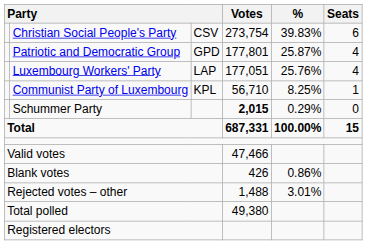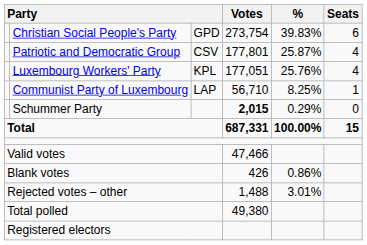 <table class="wikitable" border="1" style="text-align:right;">
 <tr>
 <th style="text-align:left;" valign=bottom colspan=3>Party</th>
 <th align=center valign=bottom width="50">Votes</th>
 <th align=center valign=bottom width="50">%</th>
 <th align=center>Seats</th>
 </tr>
 <tr>
 <td></td>
 <td align=left><a href='#'>Christian Social People's Party</a></td>
-<td align=left>CSV</td>
+<td align=left>GPD</td>
 <td>273,754</td>
 <td>39.83%</td>
 <td>6</td>
 </tr>
 <tr>
 <td></td>
 <td align=left><a href='#'>Patriotic and Democratic Group</a></td>
-<td align=left>GPD</td>
+<td align=left>CSV</td>
 <td>177,801</td>
 <td>25.87%</td>
 <td>4</td>
 </tr>
 <tr>
 <td></td>
 <td align=left><a href='#'>Luxembourg Workers' Party</a></td>
-<td align=left>LAP</td>
+<td align=left>KPL</td>
 <td>177,051</td>
 <td>25.76%</td>
 <td>4</td>
 </tr>
 <tr>
 <td></td>
 <td align=left><a href='#'>Communist Party of Luxembourg</a></td>
-<td align=left>KPL</td>
+<td align=left>LAP</td>
 <td>56,710</td>
 <td>8.25%</td>
 <td>1</td>
 </tr>
 <tr>
 <td></td>
 <td align=left>Schummer Party</td>
 <td align=left></td>
 <td><strong>2,015</strong></td>
 <td>0.29%</td>
 <td>0</td>
 </tr>
 <tr style="font-weight:bold">
 <td align=left colspan=3>Total</td>
 <td>687,331</td>
 <td>100.00%</td>
 <td>15</td>
 </tr>
 <tr>
 <td colspan=6 height="2"></td>
 </tr>
 <tr>
 <td align=left colspan=3>Valid votes</td>
 <td>47,466</td>
 <td></td>
 <td></td>
 </tr>
 <tr>
 <td align=left colspan=3>Blank votes</td>
 <td>426</td>
 <td>0.86%</td>
 <td></td>
 </tr>
 <tr>
 <td align=left colspan=3>Rejected votes – other</td>
 <td>1,488</td>
 <td>3.01%</td>
 <td></td>
 </tr>
 <tr>
 <td align=left colspan=3>Total polled</td>
 <td>49,380</td>
 <td></td>
 <td></td>
 </tr>
 <tr>
 <td align=left colspan=3>Registered electors</td>
 <td></td>
 <td></td>
 <td></td>
 </tr>
 </table>
